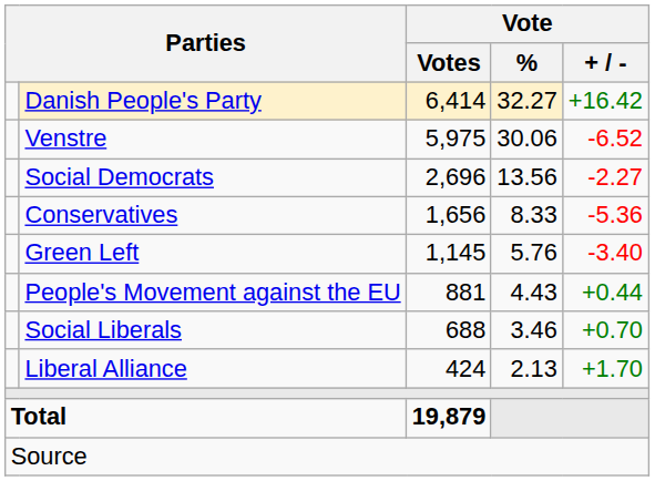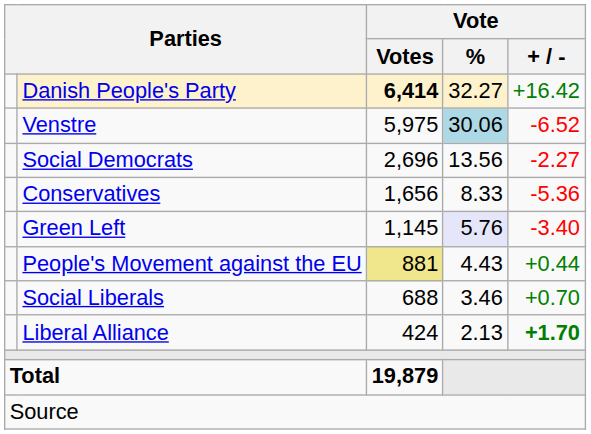 <table class="wikitable" style="text-align:right;">
 <tr>
 <th style="text-align:centre;" rowspan="2" colspan="2" width="225">Parties</th>
 <th colspan="3">Vote</th>
 </tr>
 <tr>
 <th width="15">Votes</th>
 <th width="15">%</th>
 <th width="15">+ / -</th>
 </tr>
 <tr>
 <td width="2" style="color:inherit;background:"></td>
 <td bgcolor=#fef2cc   align="left"><a href='#'>Danish People's Party</a></td>
-<td bgcolor=#fef2cc>6,414</td>
+<td bgcolor=#fef2cc><strong>6,414</strong></td>
 <td bgcolor=#fef2cc>32.27</td>
 <td style=color:green;>+16.42</td>
 </tr>
 <tr>
 <td width="2" style="color:inherit;background:"></td>
 <td align="left"><a href='#'>Venstre</a></td>
 <td>5,975</td>
-<td>30.06</td>
+<td style="background: lightblue;">30.06</td>
 <td style=color:red;>-6.52</td>
 </tr>
 <tr>
 <td width="2" style="color:inherit;background:"></td>
 <td align="left"><a href='#'>Social Democrats</a></td>
 <td>2,696</td>
 <td>13.56</td>
 <td style=color:red;>-2.27</td>
 </tr>
 <tr>
 <td width="2" style="color:inherit;background:"></td>
 <td align="left"><a href='#'>Conservatives</a></td>
 <td>1,656</td>
 <td>8.33</td>
 <td style=color:red;>-5.36</td>
 </tr>
 <tr>
 <td width="2" style="color:inherit;background:"></td>
 <td align="left"><a href='#'>Green Left</a></td>
 <td>1,145</td>
-<td>5.76</td>
+<td style="background: lavender;">5.76</td>
 <td style=color:red;>-3.40</td>
 </tr>
 <tr>
 <td width="2" style="color:inherit;background:"></td>
 <td align="left"><a href='#'>People's Movement against the EU</a></td>
-<td>881</td>
+<td style="background: khaki;">881</td>
 <td>4.43</td>
 <td style=color:green;>+0.44</td>
 </tr>
 <tr>
 <td width="2" style="color:inherit;background:"></td>
 <td align="left"><a href='#'>Social Liberals</a></td>
 <td>688</td>
 <td>3.46</td>
 <td style=color:green;>+0.70</td>
 </tr>
 <tr>
 <td width="2" style="color:inherit;background:"></td>
 <td align="left"><a href='#'>Liberal Alliance</a></td>
 <td>424</td>
 <td>2.13</td>
-<td style=color:green;>+1.70</td>
+<td style=color:green;><strong>+1.70</strong></td>
 </tr>
 <tr>
 <td colspan="7" bgcolor="#E9E9E9"></td>
 </tr>
 <tr>
 <td align="left" colspan="2"><strong>Total</strong></td>
 <td><strong>19,879</strong></td>
 <td bgcolor="#E9E9E9" colspan="2"></td>
 </tr>
 <tr>
 <td align="left" colspan="6">Source</td>
 </tr>
 </table>
